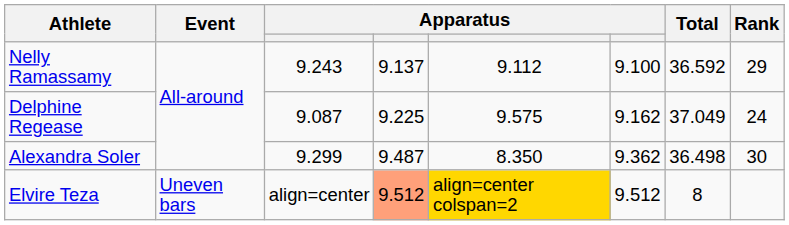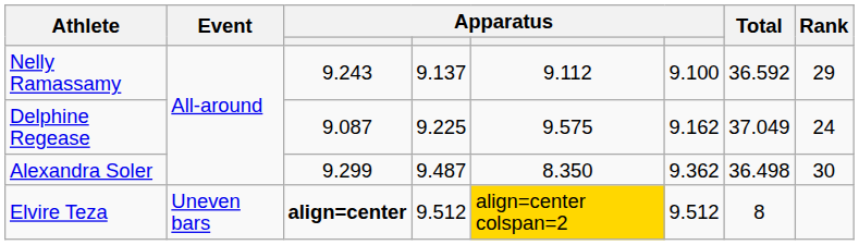 <table class="wikitable" style="font-size:90%">
 <tr>
 <th rowspan=2>Athlete</th>
 <th rowspan=2>Event</th>
 <th colspan =4>Apparatus</th>
 <th rowspan=2>Total</th>
 <th rowspan=2>Rank</th>
 </tr>
 <tr style="font-size:95%">
 <th></th>
 <th></th>
 <th></th>
 <th></th>
 </tr>
 <tr>
 <td align=left><a href='#'>Nelly Ramassamy</a></td>
 <td align=left rowspan=3><a href='#'>All-around</a>     </td>
 <td align=center>9.243</td>
 <td align=center>9.137</td>
 <td align=center>9.112</td>
 <td align=center>9.100</td>
 <td align=center>36.592</td>
 <td align=center>29</td>
 </tr>
 <tr>
 <td align=left><a href='#'>Delphine Regease</a></td>
 <td align=center>9.087</td>
 <td align=center>9.225</td>
 <td align=center>9.575</td>
 <td align=center>9.162</td>
 <td align=center>37.049</td>
 <td align=center>24</td>
 </tr>
 <tr>
 <td align=left><a href='#'>Alexandra Soler</a></td>
 <td align=center>9.299</td>
 <td align=center>9.487</td>
 <td align=center>8.350</td>
 <td align=center>9.362</td>
 <td align=center>36.498</td>
 <td align=center>30</td>
 </tr>
 <tr>
 <td align=left><a href='#'>Elvire Teza</a></td>
 <td align=left><a href='#'>Uneven bars</a></td>
-<td>align=center </td>
-<td align=center style="background: lightsalmon;">9.512</td>
+<td><strong>align=center </strong></td>
+<td align=center>9.512</td>
 <td style="background: gold;">align=center colspan=2 </td>
 <td align=center>9.512</td>
 <td align=center>8</td>
 </tr>
 </table>
